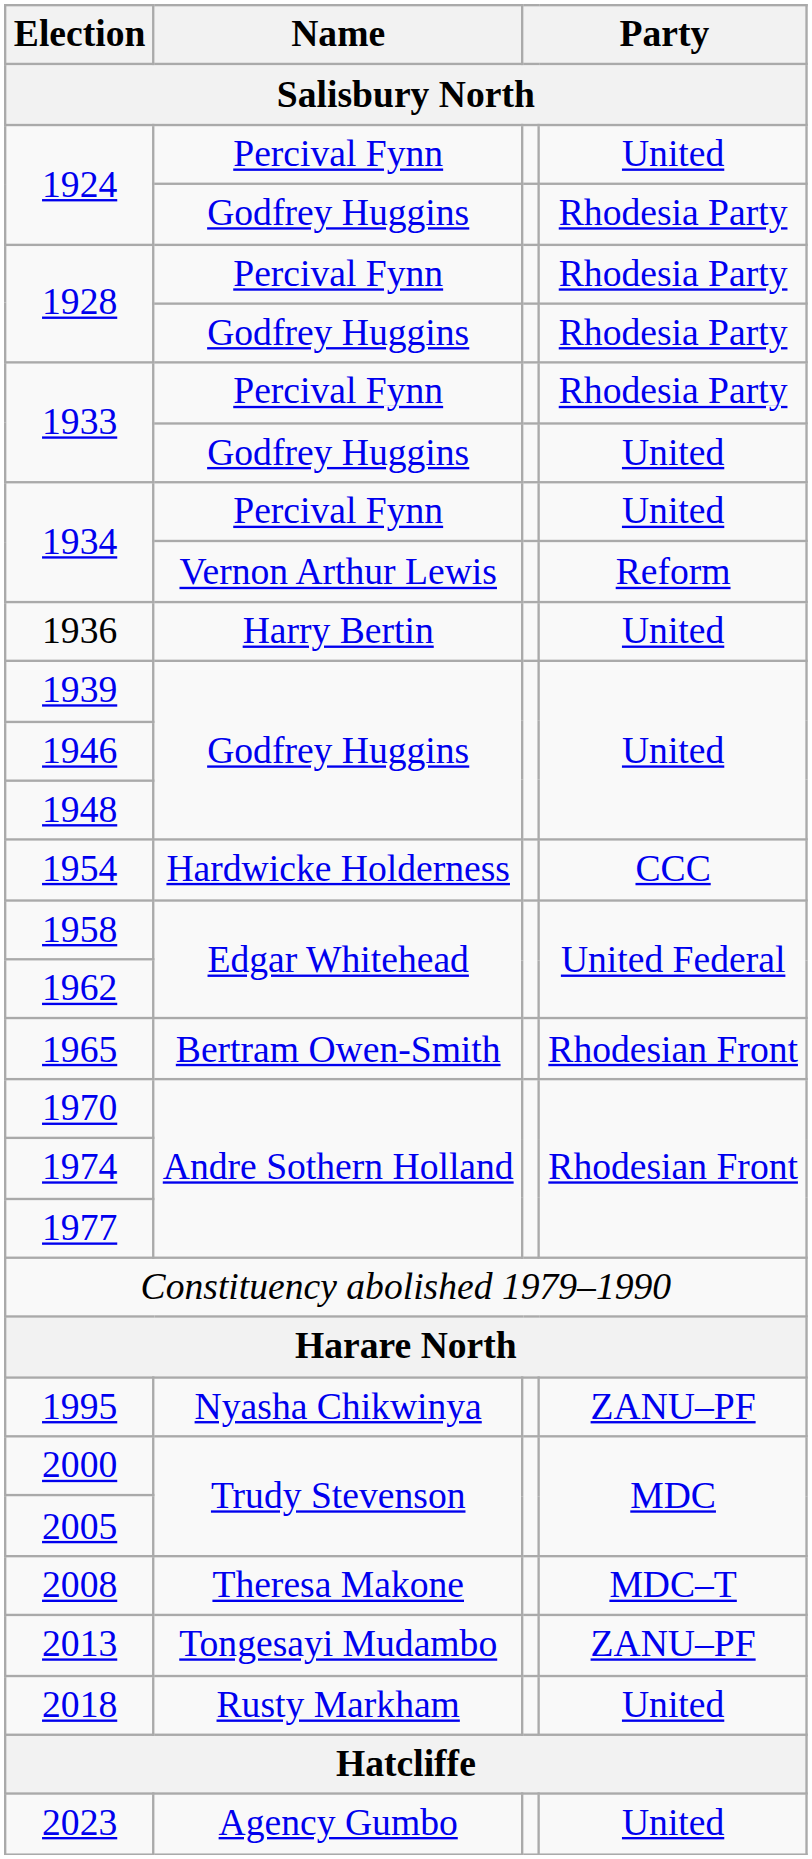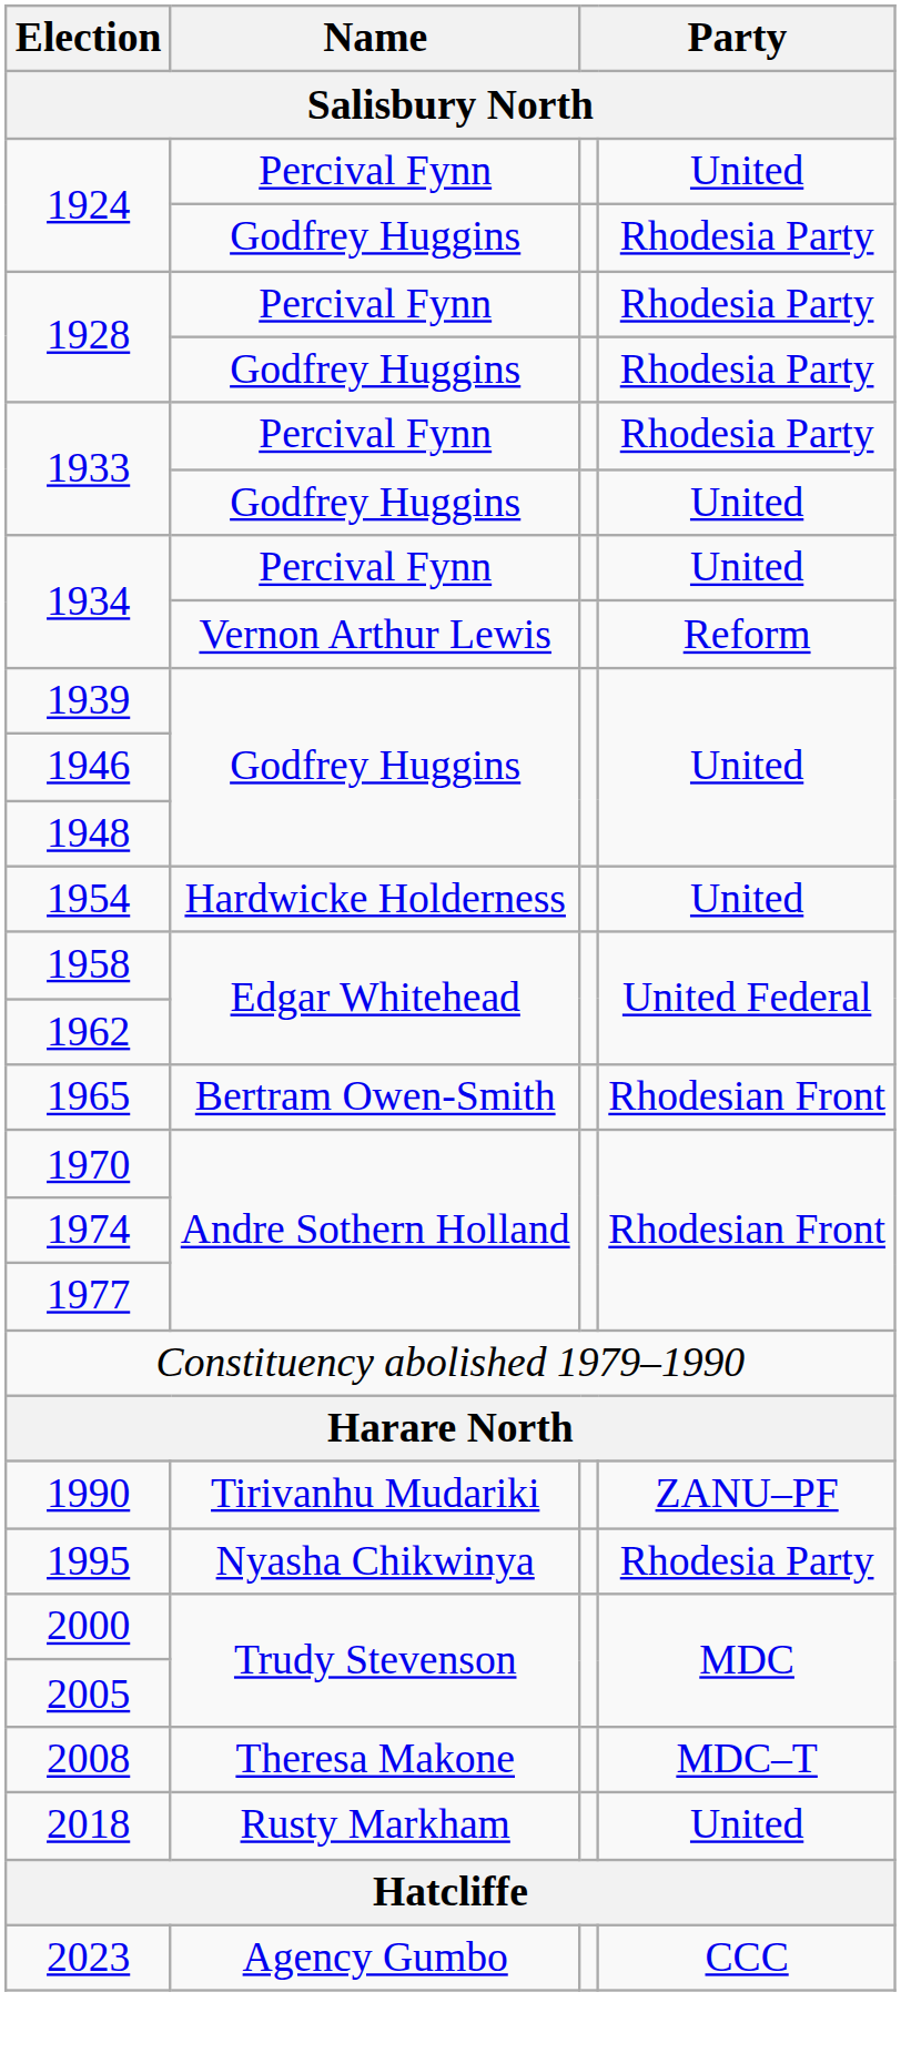 <table class="wikitable" style="text-align:center">
 <tr>
 <th>Election</th>
 <th>Name</th>
 <th colspan="2">Party</th>
 </tr>
 <tr>
 <th colspan="4">Salisbury North</th>
 </tr>
 <tr>
 <td rowspan="2"><a href='#'>1924</a></td>
 <td><a href='#'>Percival Fynn</a></td>
 <td style="background-color: "></td>
 <td><a href='#'>United</a></td>
 </tr>
 <tr>
 <td><a href='#'>Godfrey Huggins</a></td>
 <td style="background-color: "></td>
 <td><a href='#'>Rhodesia Party</a></td>
 </tr>
 <tr>
 <td rowspan="2"><a href='#'>1928</a></td>
 <td><a href='#'>Percival Fynn</a></td>
 <td style="background-color: "></td>
 <td><a href='#'>Rhodesia Party</a></td>
 </tr>
 <tr>
 <td><a href='#'>Godfrey Huggins</a></td>
 <td style="background-color: "></td>
 <td><a href='#'>Rhodesia Party</a></td>
 </tr>
 <tr>
 <td rowspan="2"><a href='#'>1933</a></td>
 <td><a href='#'>Percival Fynn</a></td>
 <td style="background-color: "></td>
 <td><a href='#'>Rhodesia Party</a></td>
 </tr>
 <tr>
 <td><a href='#'>Godfrey Huggins</a></td>
 <td style="background-color: "></td>
 <td><a href='#'>United</a></td>
 </tr>
 <tr>
 <td rowspan="2"><a href='#'>1934</a></td>
 <td><a href='#'>Percival Fynn</a></td>
 <td style="background-color: "></td>
 <td><a href='#'>United</a></td>
 </tr>
 <tr>
 <td><a href='#'>Vernon Arthur Lewis</a></td>
 <td style="background-color: "></td>
 <td><a href='#'>Reform</a></td>
 </tr>
 <tr>
-<td>1936</td>
-<td><a href='#'>Harry Bertin</a></td>
-<td style="background-color: "></td>
-<td><a href='#'>United</a></td>
-</tr>
-<tr>
 <td><a href='#'>1939</a></td>
 <td rowspan="3"><a href='#'>Godfrey Huggins</a></td>
 <td rowspan="3" style="background-color: "></td>
 <td rowspan="3"><a href='#'>United</a></td>
 </tr>
 <tr>
 <td><a href='#'>1946</a></td>
 </tr>
 <tr>
 <td><a href='#'>1948</a></td>
 </tr>
 <tr>
 <td><a href='#'>1954</a></td>
 <td><a href='#'>Hardwicke Holderness</a></td>
 <td style="background-color: "></td>
-<td><a href='#'>CCC</a></td>
+<td><a href='#'>United</a></td>
 </tr>
 <tr>
 <td><a href='#'>1958</a></td>
 <td rowspan="2"><a href='#'>Edgar Whitehead</a></td>
 <td rowspan="2" style="background-color: "></td>
 <td rowspan="2"><a href='#'>United Federal</a></td>
 </tr>
 <tr>
 <td><a href='#'>1962</a></td>
 </tr>
 <tr>
 <td><a href='#'>1965</a></td>
 <td><a href='#'>Bertram Owen-Smith</a></td>
 <td style="background-color: "></td>
 <td><a href='#'>Rhodesian Front</a></td>
 </tr>
 <tr>
 <td><a href='#'>1970</a></td>
 <td rowspan="3"><a href='#'>Andre Sothern Holland</a></td>
 <td rowspan="3" style="background-color: "></td>
 <td rowspan="3"><a href='#'>Rhodesian Front</a></td>
 </tr>
 <tr>
 <td><a href='#'>1974</a></td>
 </tr>
 <tr>
 <td><a href='#'>1977</a></td>
 </tr>
 <tr>
 <td colspan="4"><em>Constituency abolished 1979–1990</em></td>
 </tr>
 <tr>
 <th colspan="4">Harare North</th>
 </tr>
 <tr>
+<td><a href='#'>1990</a></td>
+<td><a href='#'>Tirivanhu Mudariki</a></td>
+<td style="background-color: "></td>
+<td><a href='#'>ZANU–PF</a></td>
+</tr>
+<tr>
 <td><a href='#'>1995</a></td>
 <td><a href='#'>Nyasha Chikwinya</a></td>
 <td style="background-color: "></td>
-<td><a href='#'>ZANU–PF</a></td>
+<td><a href='#'>Rhodesia Party</a></td>
 </tr>
 <tr>
 <td><a href='#'>2000</a></td>
 <td rowspan="2"><a href='#'>Trudy Stevenson</a></td>
 <td rowspan="2" style="background-color: "></td>
 <td rowspan="2"><a href='#'>MDC</a></td>
 </tr>
 <tr>
 <td><a href='#'>2005</a></td>
 </tr>
 <tr>
 <td><a href='#'>2008</a></td>
 <td><a href='#'>Theresa Makone</a></td>
 <td style="background-color: "></td>
 <td><a href='#'>MDC–T</a></td>
 </tr>
 <tr>
-<td><a href='#'>2013</a></td>
-<td><a href='#'>Tongesayi Mudambo</a></td>
-<td style="background-color: "></td>
-<td><a href='#'>ZANU–PF</a></td>
-</tr>
-<tr>
 <td><a href='#'>2018</a></td>
 <td><a href='#'>Rusty Markham</a></td>
 <td style="background-color: "></td>
 <td><a href='#'>United</a></td>
 </tr>
 <tr>
 <th colspan="4">Hatcliffe</th>
 </tr>
 <tr>
 <td><a href='#'>2023</a></td>
 <td><a href='#'>Agency Gumbo</a></td>
 <td style="background-color: "></td>
-<td><a href='#'>United</a></td>
+<td><a href='#'>CCC</a></td>
 </tr>
 </table>
